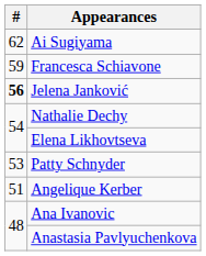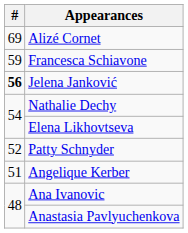 <table class=wikitable style="display:inline-table;">
 <tr>
 <th>#</th>
 <th>Appearances</th>
 </tr>
 <tr>
-<td>62</td>
-<td> <a href='#'>Ai Sugiyama</a></td>
+<td>69</td>
+<td> <a href='#'>Alizé Cornet</a></td>
 </tr>
 <tr>
 <td>59</td>
 <td> <a href='#'>Francesca Schiavone</a></td>
 </tr>
 <tr>
 <td><strong>56</strong></td>
 <td> <a href='#'>Jelena Janković</a></td>
 </tr>
 <tr>
 <td rowspan=2>54</td>
 <td> <a href='#'>Nathalie Dechy</a></td>
 </tr>
 <tr>
 <td> <a href='#'>Elena Likhovtseva</a></td>
 </tr>
 <tr>
-<td>53</td>
+<td>52</td>
 <td> <a href='#'>Patty Schnyder</a></td>
 </tr>
 <tr>
 <td>51</td>
 <td> <a href='#'>Angelique Kerber</a></td>
 </tr>
 <tr>
 <td rowspan=2>48</td>
 <td> <a href='#'>Ana Ivanovic</a></td>
 </tr>
 <tr>
 <td> <a href='#'>Anastasia Pavlyuchenkova</a></td>
 </tr>
 </table>
